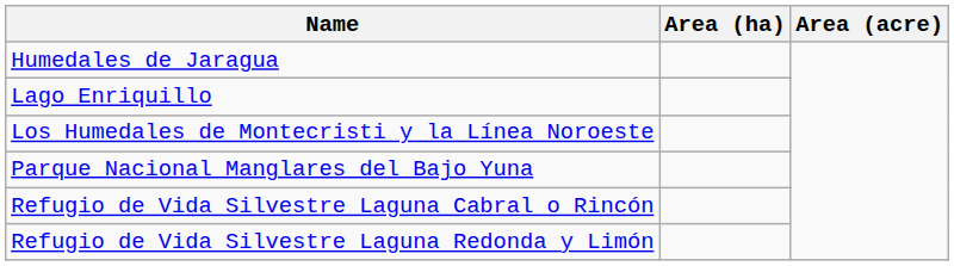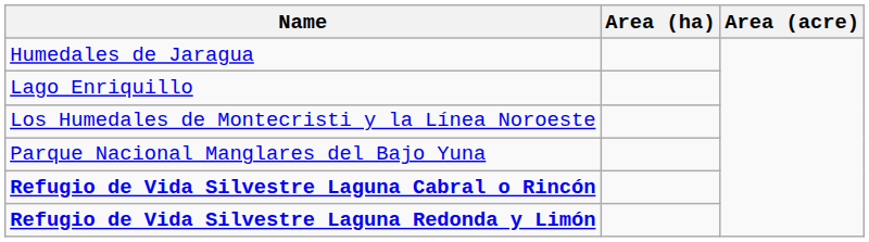 <table class="wikitable sortable">
 <tr>
 <th scope="col" align=left>Name</th>
 <th scope="col">Area (ha)</th>
 <th scope="col">Area (acre)</th>
 </tr>
 <tr ---->
 <td><a href='#'>Humedales de Jaragua</a></td>
 <td></td>
 </tr>
 <tr ---->
 <td><a href='#'>Lago Enriquillo</a></td>
 <td></td>
 </tr>
 <tr ---->
 <td><a href='#'>Los Humedales de Montecristi y la Línea Noroeste</a></td>
 <td></td>
 </tr>
 <tr ---->
 <td><a href='#'>Parque Nacional Manglares del Bajo Yuna</a></td>
 <td></td>
 </tr>
 <tr ---->
-<td><a href='#'>Refugio de Vida Silvestre Laguna Cabral o Rincón</a></td>
+<td><strong><a href='#'>Refugio de Vida Silvestre Laguna Cabral o Rincón</a></strong></td>
 <td></td>
 </tr>
 <tr ---->
-<td><a href='#'>Refugio de Vida Silvestre Laguna Redonda y Limón</a></td>
+<td><strong><a href='#'>Refugio de Vida Silvestre Laguna Redonda y Limón</a></strong></td>
 <td></td>
 </tr>
 </table>
